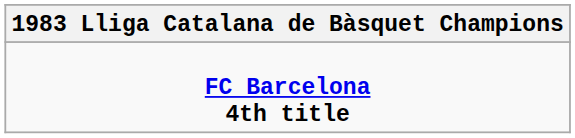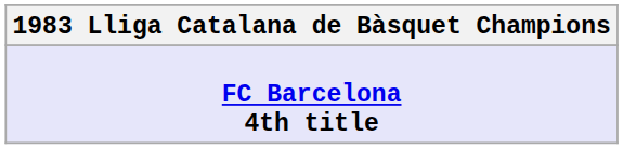 <table class=wikitable style="text-align:center; margin:auto">
 <tr>
 <th>1983 Lliga Catalana de Bàsquet Champions</th>
 </tr>
 <tr>
-<td> <br> <strong><a href='#'>FC Barcelona</a></strong> <br> <strong>4th title</strong></td>
+<td style="background: lavender;"> <br> <strong><a href='#'>FC Barcelona</a></strong> <br> <strong>4th title</strong></td>
 </tr>
 </table>
